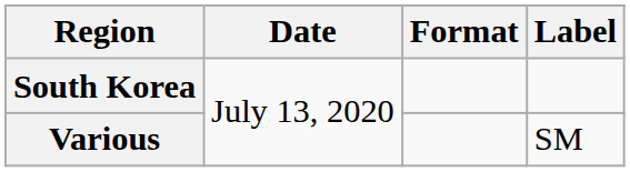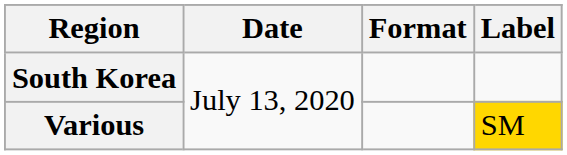 <table class="wikitable plainrowheaders">
 <tr>
 <th scope="col">Region</th>
 <th scope="col">Date</th>
 <th scope="col">Format</th>
 <th scope="col">Label</th>
 </tr>
 <tr>
 <th scope="row">South Korea</th>
 <td rowspan="2">July 13, 2020</td>
 <td></td>
 <td></td>
 </tr>
 <tr>
 <th scope="row">Various </th>
 <td></td>
-<td>SM</td>
+<td style="background: gold;">SM</td>
 </tr>
 </table>
